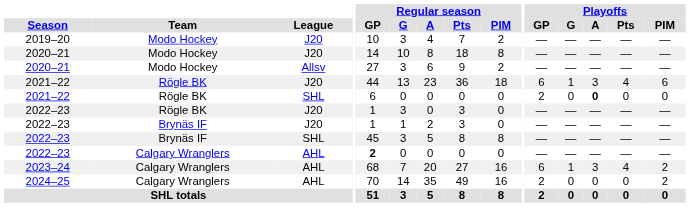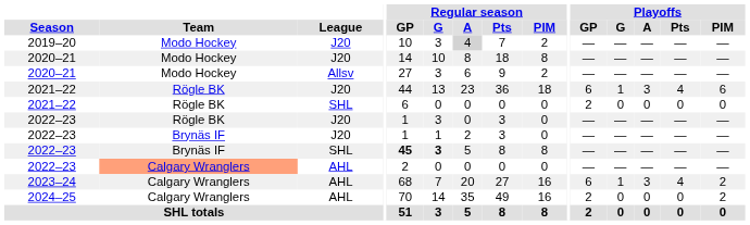 <table border="0" cellpadding="1" cellspacing="0" style="text-align:center; width:60em">
 <tr bgcolor="#e0e0e0">
 <th colspan="3" bgcolor="#ffffff"></th>
 <th rowspan="99" bgcolor="#ffffff"></th>
 <th colspan="5"><a href='#'>Regular season</a></th>
 <th rowspan="99" bgcolor="#ffffff"></th>
 <th colspan="5"><a href='#'>Playoffs</a></th>
 </tr>
 <tr bgcolor="#e0e0e0">
 <th><a href='#'>Season</a></th>
 <th>Team</th>
 <th>League</th>
 <th>GP</th>
 <th><a href='#'>G</a></th>
 <th><a href='#'>A</a></th>
 <th><a href='#'>Pts</a></th>
 <th><a href='#'>PIM</a></th>
 <th>GP</th>
 <th>G</th>
 <th>A</th>
 <th>Pts</th>
 <th>PIM</th>
 </tr>
 <tr>
 <td>2019–20</td>
 <td><a href='#'>Modo Hockey</a></td>
 <td><a href='#'>J20</a></td>
 <td>10</td>
 <td>3</td>
-<td>4</td>
+<td style="background: lightgrey;">4</td>
 <td>7</td>
 <td>2</td>
 <td>—</td>
 <td>—</td>
 <td>—</td>
 <td>—</td>
 <td>—</td>
 </tr>
 <tr bgcolor="#f0f0f0">
 <td>2020–21</td>
 <td>Modo Hockey</td>
 <td>J20</td>
 <td>14</td>
 <td>10</td>
 <td>8</td>
 <td>18</td>
 <td>8</td>
 <td>—</td>
 <td>—</td>
 <td>—</td>
 <td>—</td>
 <td>—</td>
 </tr>
 <tr>
 </tr>
 <tr>
 <td><a href='#'>2020–21</a></td>
 <td>Modo Hockey</td>
 <td><a href='#'>Allsv</a></td>
 <td>27</td>
 <td>3</td>
 <td>6</td>
 <td>9</td>
 <td>2</td>
 <td>—</td>
 <td>—</td>
 <td>—</td>
 <td>—</td>
 <td>—</td>
 </tr>
 <tr bgcolor="#f0f0f0">
 <td>2021–22</td>
 <td><a href='#'>Rögle BK</a></td>
 <td>J20</td>
 <td>44</td>
 <td>13</td>
 <td>23</td>
 <td>36</td>
 <td>18</td>
 <td>6</td>
 <td>1</td>
 <td>3</td>
 <td>4</td>
 <td>6</td>
 </tr>
 <tr>
 <td><a href='#'>2021–22</a></td>
 <td>Rögle BK</td>
 <td><a href='#'>SHL</a></td>
 <td>6</td>
 <td>0</td>
 <td>0</td>
 <td>0</td>
 <td>0</td>
 <td>2</td>
 <td>0</td>
-<td><strong>0</strong></td>
+<td>0</td>
 <td>0</td>
 <td>0</td>
 </tr>
 <tr bgcolor="#f0f0f0">
 <td>2022–23</td>
 <td>Rögle BK</td>
 <td>J20</td>
 <td>1</td>
 <td>3</td>
 <td>0</td>
 <td>3</td>
 <td>0</td>
 <td>—</td>
 <td>—</td>
 <td>—</td>
 <td>—</td>
 <td>—</td>
 </tr>
 <tr>
 <td>2022–23</td>
 <td><a href='#'>Brynäs IF</a></td>
 <td>J20</td>
 <td>1</td>
 <td>1</td>
 <td>2</td>
 <td>3</td>
 <td>0</td>
 <td>—</td>
 <td>—</td>
 <td>—</td>
 <td>—</td>
 <td>—</td>
 </tr>
 <tr bgcolor="#f0f0f0">
 <td><a href='#'>2022–23</a></td>
 <td>Brynäs IF</td>
 <td>SHL</td>
-<td>45</td>
-<td>3</td>
+<td><strong>45</strong></td>
+<td><strong>3</strong></td>
 <td>5</td>
 <td>8</td>
 <td>8</td>
 <td>—</td>
 <td>—</td>
 <td>—</td>
 <td>—</td>
 <td>—</td>
 </tr>
 <tr>
 <td><a href='#'>2022–23</a></td>
-<td><a href='#'>Calgary Wranglers</a></td>
+<td style="background: lightsalmon;"><a href='#'>Calgary Wranglers</a></td>
 <td><a href='#'>AHL</a></td>
-<td><strong>2</strong></td>
+<td>2</td>
 <td>0</td>
 <td>0</td>
 <td>0</td>
 <td>0</td>
 <td>—</td>
 <td>—</td>
 <td>—</td>
 <td>—</td>
 <td>—</td>
 </tr>
 <tr bgcolor="#f0f0f0">
 <td><a href='#'>2023–24</a></td>
 <td>Calgary Wranglers</td>
 <td>AHL</td>
 <td>68</td>
 <td>7</td>
 <td>20</td>
 <td>27</td>
 <td>16</td>
 <td>6</td>
 <td>1</td>
 <td>3</td>
 <td>4</td>
 <td>2</td>
 </tr>
 <tr>
 <td><a href='#'>2024–25</a></td>
 <td>Calgary Wranglers</td>
 <td>AHL</td>
 <td>70</td>
 <td>14</td>
 <td>35</td>
 <td>49</td>
 <td>16</td>
 <td>2</td>
 <td>0</td>
 <td>0</td>
 <td>0</td>
 <td>2</td>
 </tr>
 <tr style="background:#e0e0e0;">
 <th colspan="3">SHL totals</th>
 <th>51</th>
 <th>3</th>
 <th>5</th>
 <th>8</th>
 <th>8</th>
 <th>2</th>
 <th>0</th>
 <th>0</th>
 <th>0</th>
 <th>0</th>
 </tr>
 </table>
